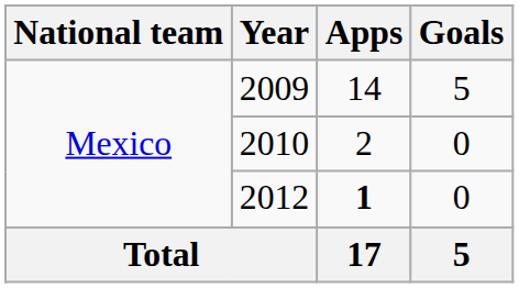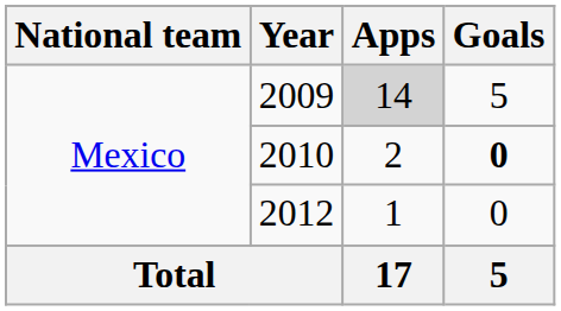 <table class="wikitable" style="text-align:center">
 <tr>
 <th>National team</th>
 <th>Year</th>
 <th>Apps</th>
 <th>Goals</th>
 </tr>
 <tr>
 <td rowspan="3" valign="center"><a href='#'>Mexico</a></td>
 <td>2009</td>
-<td>14</td>
+<td style="background: lightgrey;">14</td>
 <td>5</td>
 </tr>
 <tr>
 <td>2010</td>
 <td>2</td>
-<td>0</td>
+<td><strong>0</strong></td>
 </tr>
 <tr>
 <td>2012</td>
-<td><strong>1</strong></td>
+<td>1</td>
 <td>0</td>
 </tr>
 <tr>
 <th colspan="2">Total</th>
 <th>17</th>
 <th>5</th>
 </tr>
 </table>
